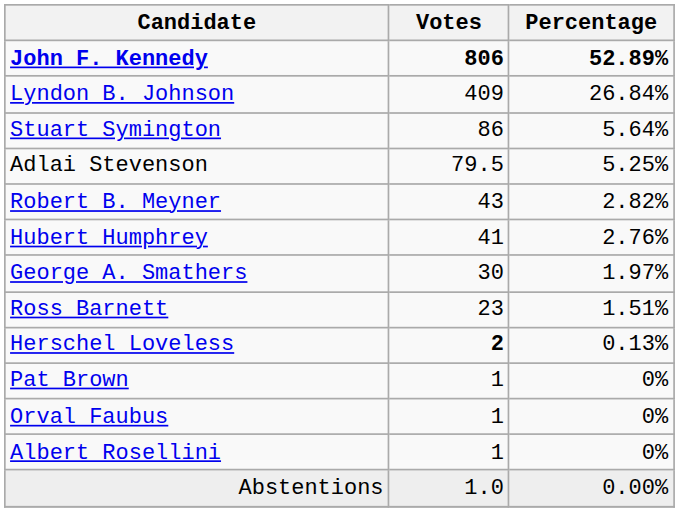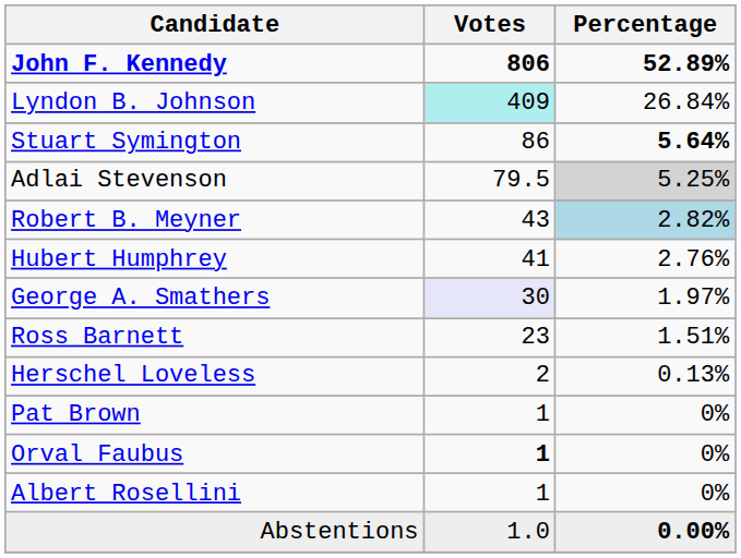 <table class="wikitable">
 <tr style="background:#eee; text-align:center;">
 <th style="width: 17em">Candidate</th>
 <th style="width: 5em">Votes</th>
 <th style="width: 7em">Percentage</th>
 </tr>
 <tr>
 <td><strong><a href='#'>John F. Kennedy</a></strong></td>
 <td style="text-align:right;"><strong>806 </strong></td>
 <td style="text-align:right;"><strong>52.89% </strong></td>
 </tr>
 <tr>
 <td><a href='#'>Lyndon B. Johnson</a></td>
-<td style="text-align:right;">409</td>
+<td style="background: paleturquoise; text-align:right;">409</td>
 <td style="text-align:right;">26.84%</td>
 </tr>
 <tr>
 <td><a href='#'>Stuart Symington</a></td>
 <td style="text-align:right;">86</td>
-<td style="text-align:right;">5.64%</td>
+<td style="text-align:right;"><strong>5.64%</strong></td>
 </tr>
 <tr>
 <td>Adlai Stevenson</td>
 <td style="text-align:right;">79.5</td>
-<td style="text-align:right;">5.25%</td>
+<td style="background: lightgrey; text-align:right;">5.25%</td>
 </tr>
 <tr>
 <td><a href='#'>Robert B. Meyner</a></td>
 <td style="text-align:right;">43</td>
-<td style="text-align:right;">2.82%</td>
+<td style="background: lightblue; text-align:right;">2.82%</td>
 </tr>
 <tr>
 <td><a href='#'>Hubert Humphrey</a></td>
 <td style="text-align:right;">41</td>
 <td style="text-align:right;">2.76%</td>
 </tr>
 <tr>
 <td><a href='#'>George A. Smathers</a></td>
-<td style="text-align:right;">30</td>
+<td style="background: lavender; text-align:right;">30</td>
 <td style="text-align:right;">1.97%</td>
 </tr>
 <tr>
 <td><a href='#'>Ross Barnett</a></td>
 <td style="text-align:right;">23</td>
 <td style="text-align:right;">1.51%</td>
 </tr>
 <tr>
 <td><a href='#'>Herschel Loveless</a></td>
-<td style="text-align:right;"><strong>2</strong></td>
+<td style="text-align:right;">2</td>
 <td style="text-align:right;">0.13%</td>
 </tr>
 <tr>
 <td><a href='#'>Pat Brown</a></td>
 <td style="text-align:right;">1</td>
 <td style="text-align:right;">0%</td>
 </tr>
 <tr>
 <td><a href='#'>Orval Faubus</a></td>
-<td style="text-align:right;">1</td>
+<td style="text-align:right;"><strong>1</strong></td>
 <td style="text-align:right;">0%</td>
 </tr>
 <tr>
 <td><a href='#'>Albert Rosellini</a></td>
 <td style="text-align:right;">1</td>
 <td style="text-align:right;">0%</td>
 </tr>
 <tr style="background:#eee; text-align:right;">
 <td>Abstentions</td>
 <td>1.0</td>
-<td>0.00%</td>
+<td><strong>0.00%</strong></td>
 </tr>
 <tr>
 </tr>
 </table>
